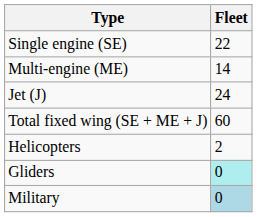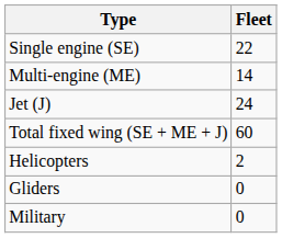 <table class="wikitable sortable" style="font-size: 90%">
 <tr>
 <th>Type</th>
 <th>Fleet</th>
 </tr>
 <tr>
 <td>Single engine (SE)</td>
 <td>22</td>
 </tr>
 <tr>
 <td>Multi-engine (ME)</td>
 <td>14</td>
 </tr>
 <tr>
 <td>Jet (J)</td>
 <td>24</td>
 </tr>
 <tr>
 <td>Total fixed wing (SE + ME + J)</td>
 <td>60</td>
 </tr>
 <tr>
 <td>Helicopters</td>
 <td>2</td>
 </tr>
 <tr>
 <td>Gliders</td>
-<td style="background: paleturquoise;">0</td>
+<td>0</td>
 </tr>
 <tr>
 <td>Military</td>
-<td style="background: lightblue;">0</td>
+<td>0</td>
 </tr>
 </table>
